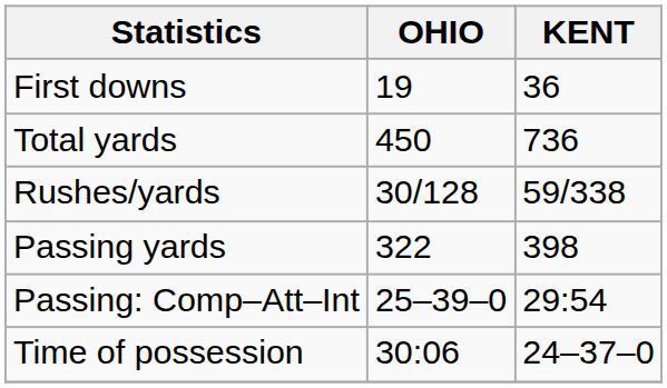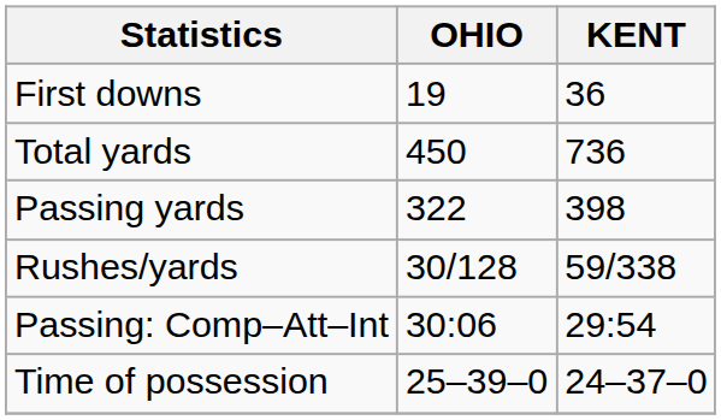 <table class="wikitable" style="float: left;">
 <tr>
 <th>Statistics</th>
 <th>OHIO</th>
 <th>KENT</th>
 </tr>
 <tr>
 <td>First downs</td>
 <td>19</td>
 <td>36</td>
 </tr>
 <tr>
 <td>Total yards</td>
 <td>450</td>
 <td>736</td>
 </tr>
 <tr>
+<td>Passing yards</td>
+<td>322</td>
+<td>398</td>
+</tr>
+<tr>
 <td>Rushes/yards</td>
 <td>30/128</td>
 <td>59/338</td>
 </tr>
 <tr>
-<td>Passing yards</td>
-<td>322</td>
-<td>398</td>
-</tr>
-<tr>
 <td>Passing: Comp–Att–Int</td>
-<td>25–39–0</td>
+<td>30:06</td>
 <td>29:54</td>
 </tr>
 <tr>
 <td>Time of possession</td>
-<td>30:06</td>
+<td>25–39–0</td>
 <td>24–37–0</td>
 </tr>
 <tr>
 </tr>
 </table>
